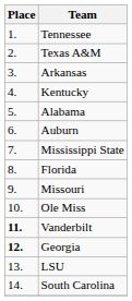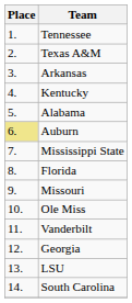 <table class="wikitable">
 <tr>
 <th>Place</th>
 <th>Team</th>
 </tr>
 <tr>
 <td>1.</td>
 <td>Tennessee</td>
 </tr>
 <tr>
 <td>2.</td>
 <td>Texas A&M</td>
 </tr>
 <tr>
 <td>3.</td>
 <td>Arkansas</td>
 </tr>
 <tr>
 <td>4.</td>
 <td>Kentucky</td>
 </tr>
 <tr>
 <td>5.</td>
 <td>Alabama</td>
 </tr>
 <tr>
-<td>6.</td>
+<td style="background: khaki;">6.</td>
 <td>Auburn</td>
 </tr>
 <tr>
 <td>7.</td>
 <td>Mississippi State</td>
 </tr>
 <tr>
 <td>8.</td>
 <td>Florida</td>
 </tr>
 <tr>
 <td>9.</td>
 <td>Missouri</td>
 </tr>
 <tr>
 <td>10.</td>
 <td>Ole Miss</td>
 </tr>
 <tr>
-<td><strong>11.</strong></td>
+<td>11.</td>
 <td>Vanderbilt</td>
 </tr>
 <tr>
-<td><strong>12.</strong></td>
+<td>12.</td>
 <td>Georgia</td>
 </tr>
 <tr>
 <td>13.</td>
 <td>LSU</td>
 </tr>
 <tr>
 <td>14.</td>
 <td>South Carolina</td>
 </tr>
 <tr>
 </tr>
 </table>
